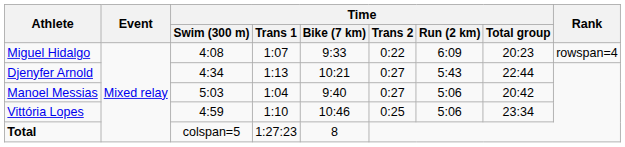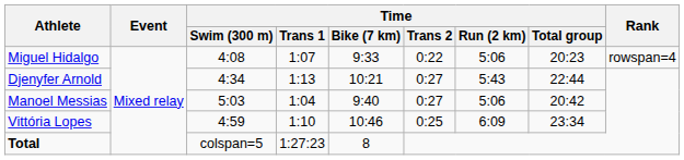 <table class="wikitable" style="font-size:90%;text-align:center;">
 <tr>
 <th rowspan=2>Athlete</th>
 <th rowspan=2>Event</th>
 <th colspan=6>Time</th>
 <th rowspan=2>Rank</th>
 </tr>
 <tr style="font-size:95%">
 <th>Swim (300 m)</th>
 <th>Trans 1</th>
 <th>Bike (7 km)</th>
 <th>Trans 2</th>
 <th>Run (2 km)</th>
 <th>Total group</th>
 </tr>
 <tr>
 <td align=left><a href='#'>Miguel Hidalgo</a></td>
 <td align=left rowspan=5><a href='#'>Mixed relay</a></td>
 <td>4:08</td>
 <td>1:07</td>
 <td>9:33</td>
 <td>0:22</td>
-<td>6:09</td>
+<td>5:06</td>
 <td>20:23</td>
 <td>rowspan=4 </td>
 </tr>
 <tr>
 <td align=left><a href='#'>Djenyfer Arnold</a></td>
 <td>4:34</td>
 <td>1:13</td>
 <td>10:21</td>
 <td>0:27</td>
 <td>5:43</td>
 <td>22:44</td>
 </tr>
 <tr>
 <td align=left><a href='#'>Manoel Messias</a></td>
 <td>5:03</td>
 <td>1:04</td>
 <td>9:40</td>
 <td>0:27</td>
 <td>5:06</td>
 <td>20:42</td>
 </tr>
 <tr>
 <td align=left><a href='#'>Vittória Lopes</a></td>
 <td>4:59</td>
 <td>1:10</td>
 <td>10:46</td>
 <td>0:25</td>
-<td>5:06</td>
+<td>6:09</td>
 <td>23:34</td>
 </tr>
 <tr align=center>
 <td align=left><strong>Total</strong></td>
 <td>colspan=5 </td>
 <td>1:27:23</td>
 <td>8</td>
 </tr>
 </table>
